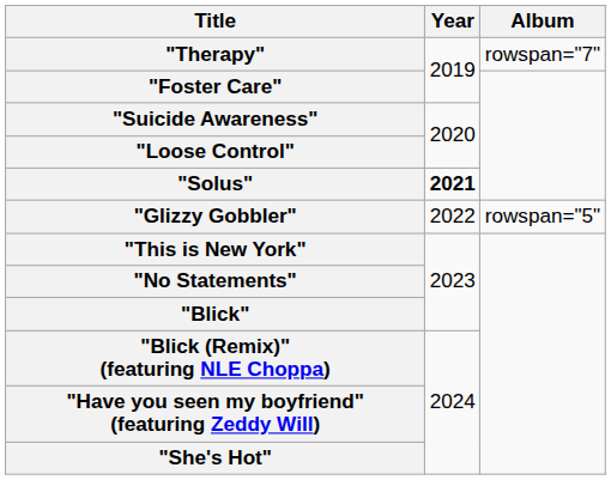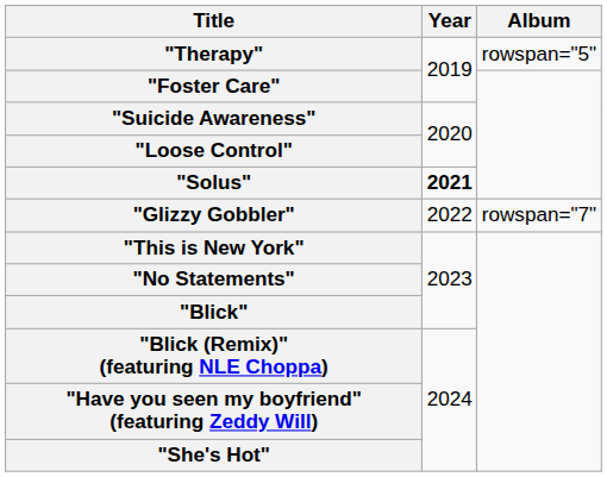 <table class="wikitable plainrowheaders" style="text-align:center;">
 <tr>
 <th scope="col" style="width:20em;">Title</th>
 <th scope="col">Year</th>
 <th scope="col">Album</th>
 </tr>
 <tr>
 <th scope="row">"Therapy"</th>
 <td rowspan="2">2019</td>
-<td>rowspan="7" </td>
+<td>rowspan="5" </td>
 </tr>
 <tr>
 <th scope="row">"Foster Care"</th>
 </tr>
 <tr>
 <th scope="row">"Suicide Awareness"</th>
 <td rowspan="2">2020</td>
 </tr>
 <tr>
 <th scope="row">"Loose Control"</th>
 </tr>
 <tr>
 <th scope="row">"Solus"</th>
 <td><strong>2021</strong></td>
 </tr>
 <tr>
 <th scope="row">"Glizzy Gobbler"</th>
 <td>2022</td>
-<td>rowspan="5" </td>
+<td>rowspan="7" </td>
 </tr>
 <tr>
 <th scope="row">"This is New York"</th>
 <td rowspan="3">2023</td>
 </tr>
 <tr>
 <th scope="row">"No Statements"</th>
 </tr>
 <tr>
 <th scope="row">"Blick"</th>
 </tr>
 <tr>
 <th scope="row">"Blick (Remix)"<br>(featuring <a href='#'>NLE Choppa</a>)</th>
 <td rowspan="3">2024</td>
 </tr>
 <tr>
 <th scope="row">"Have you seen my boyfriend"<br>(featuring <a href='#'>Zeddy Will</a>)</th>
 </tr>
 <tr>
 <th scope="row">"She's Hot"</th>
 </tr>
 </table>
